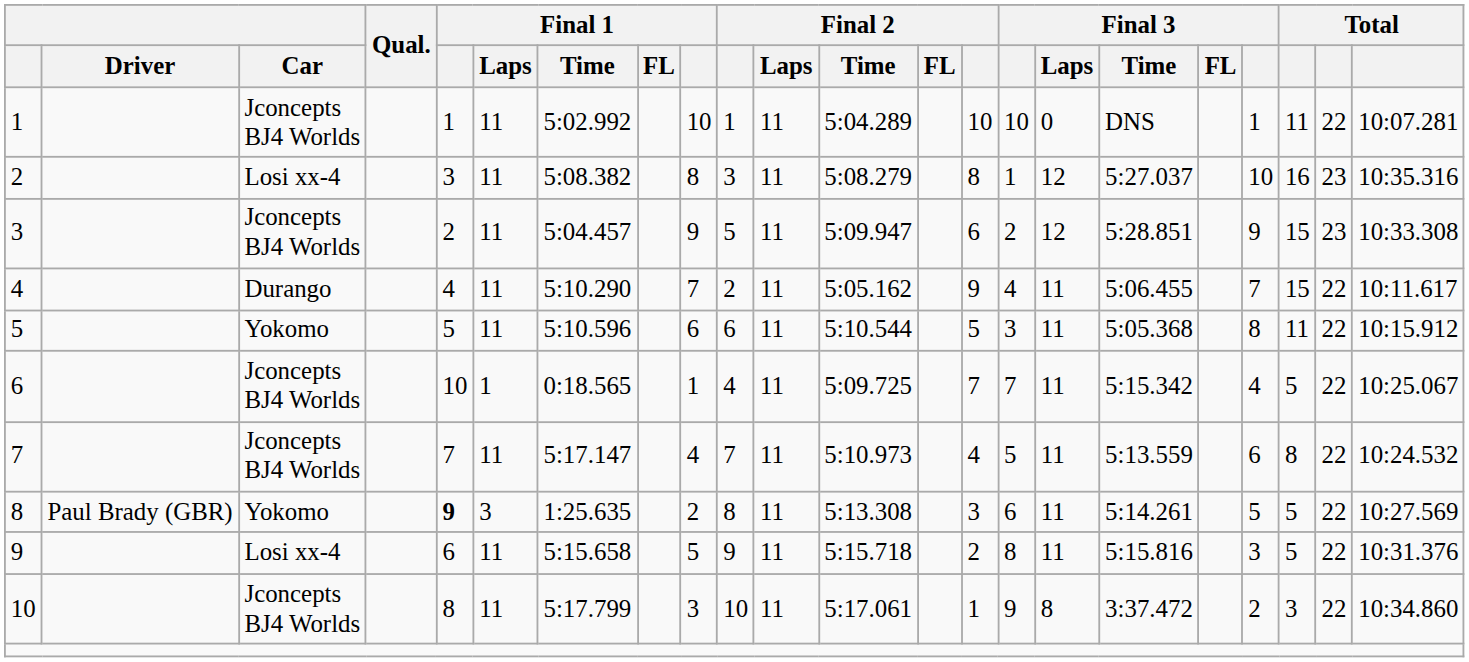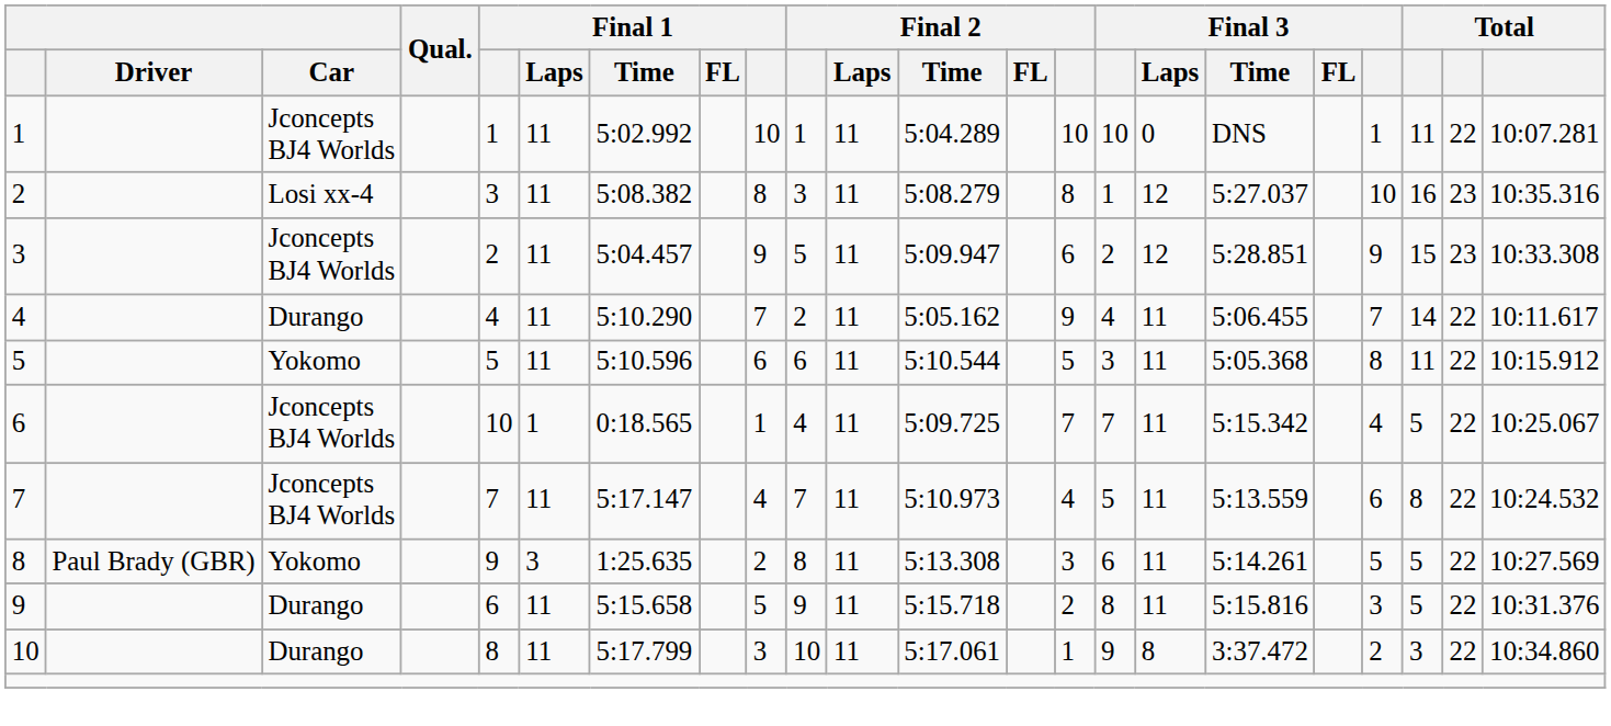 <table class="wikitable" style="font-size:85%;">
 <tr>
 <th colspan="3"></th>
 <th rowspan="2" style="text-align:center;">Qual.</th>
 <th colspan="5" style="text-align:center;">Final 1</th>
 <th colspan="5" style="text-align:center;">Final 2</th>
 <th colspan="5" style="text-align:center;">Final 3</th>
 <th colspan="3">Total</th>
 </tr>
 <tr>
 <th style="text-align:center;"></th>
 <th style="text-align:center;">Driver</th>
 <th style="text-align:center;">Car</th>
 <th style="text-align:center;"></th>
 <th style="text-align:center;">Laps</th>
 <th style="text-align:center;">Time</th>
 <th style="text-align:center;">FL</th>
 <th style="text-align:center;"></th>
 <th style="text-align:center;"></th>
 <th style="text-align:center;">Laps</th>
 <th style="text-align:center;">Time</th>
 <th style="text-align:center;">FL</th>
 <th style="text-align:center;"></th>
 <th style="text-align:center;"></th>
 <th style="text-align:center;">Laps</th>
 <th style="text-align:center;">Time</th>
 <th style="text-align:center;">FL</th>
 <th style="text-align:center;"></th>
 <th style="text-align:center;"></th>
 <th style="text-align:center;"></th>
 <th style="text-align:center;"></th>
 </tr>
 <tr>
 <td>1</td>
 <td></td>
 <td>Jconcepts<br> BJ4 Worlds</td>
 <td></td>
 <td>1</td>
 <td>11</td>
 <td>5:02.992</td>
 <td></td>
 <td>10</td>
 <td>1</td>
 <td>11</td>
 <td>5:04.289</td>
 <td></td>
 <td>10</td>
 <td>10</td>
 <td>0</td>
 <td>DNS</td>
 <td></td>
 <td>1</td>
 <td>11</td>
 <td>22</td>
 <td>10:07.281</td>
 </tr>
 <tr>
 <td>2</td>
 <td></td>
 <td>Losi xx-4</td>
 <td></td>
 <td>3</td>
 <td>11</td>
 <td>5:08.382</td>
 <td></td>
 <td>8</td>
 <td>3</td>
 <td>11</td>
 <td>5:08.279</td>
 <td></td>
 <td>8</td>
 <td>1</td>
 <td>12</td>
 <td>5:27.037</td>
 <td></td>
 <td>10</td>
 <td>16</td>
 <td>23</td>
 <td>10:35.316</td>
 </tr>
 <tr>
 <td>3</td>
 <td></td>
 <td>Jconcepts<br> BJ4 Worlds</td>
 <td></td>
 <td>2</td>
 <td>11</td>
 <td>5:04.457</td>
 <td></td>
 <td>9</td>
 <td>5</td>
 <td>11</td>
 <td>5:09.947</td>
 <td></td>
 <td>6</td>
 <td>2</td>
 <td>12</td>
 <td>5:28.851</td>
 <td></td>
 <td>9</td>
 <td>15</td>
 <td>23</td>
 <td>10:33.308</td>
 </tr>
 <tr>
 <td>4</td>
 <td></td>
 <td>Durango</td>
 <td></td>
 <td>4</td>
 <td>11</td>
 <td>5:10.290</td>
 <td></td>
 <td>7</td>
 <td>2</td>
 <td>11</td>
 <td>5:05.162</td>
 <td></td>
 <td>9</td>
 <td>4</td>
 <td>11</td>
 <td>5:06.455</td>
 <td></td>
 <td>7</td>
-<td>15</td>
+<td>14</td>
 <td>22</td>
 <td>10:11.617</td>
 </tr>
 <tr>
 <td>5</td>
 <td></td>
 <td>Yokomo</td>
 <td></td>
 <td>5</td>
 <td>11</td>
 <td>5:10.596</td>
 <td></td>
 <td>6</td>
 <td>6</td>
 <td>11</td>
 <td>5:10.544</td>
 <td></td>
 <td>5</td>
 <td>3</td>
 <td>11</td>
 <td>5:05.368</td>
 <td></td>
 <td>8</td>
 <td>11</td>
 <td>22</td>
 <td>10:15.912</td>
 </tr>
 <tr>
 <td>6</td>
 <td></td>
 <td>Jconcepts<br> BJ4 Worlds</td>
 <td></td>
 <td>10</td>
 <td>1</td>
 <td>0:18.565</td>
 <td></td>
 <td>1</td>
 <td>4</td>
 <td>11</td>
 <td>5:09.725</td>
 <td></td>
 <td>7</td>
 <td>7</td>
 <td>11</td>
 <td>5:15.342</td>
 <td></td>
 <td>4</td>
 <td>5</td>
 <td>22</td>
 <td>10:25.067</td>
 </tr>
 <tr>
 <td>7</td>
 <td></td>
 <td>Jconcepts<br> BJ4 Worlds</td>
 <td></td>
 <td>7</td>
 <td>11</td>
 <td>5:17.147</td>
 <td></td>
 <td>4</td>
 <td>7</td>
 <td>11</td>
 <td>5:10.973</td>
 <td></td>
 <td>4</td>
 <td>5</td>
 <td>11</td>
 <td>5:13.559</td>
 <td></td>
 <td>6</td>
 <td>8</td>
 <td>22</td>
 <td>10:24.532</td>
 </tr>
 <tr>
 <td>8</td>
 <td>Paul Brady (GBR)</td>
 <td>Yokomo</td>
 <td></td>
-<td><strong>9</strong></td>
+<td>9</td>
 <td>3</td>
 <td>1:25.635</td>
 <td></td>
 <td>2</td>
 <td>8</td>
 <td>11</td>
 <td>5:13.308</td>
 <td></td>
 <td>3</td>
 <td>6</td>
 <td>11</td>
 <td>5:14.261</td>
 <td></td>
 <td>5</td>
 <td>5</td>
 <td>22</td>
 <td>10:27.569</td>
 </tr>
 <tr>
 <td>9</td>
 <td></td>
-<td>Losi xx-4</td>
+<td>Durango</td>
 <td></td>
 <td>6</td>
 <td>11</td>
 <td>5:15.658</td>
 <td></td>
 <td>5</td>
 <td>9</td>
 <td>11</td>
 <td>5:15.718</td>
 <td></td>
 <td>2</td>
 <td>8</td>
 <td>11</td>
 <td>5:15.816</td>
 <td></td>
 <td>3</td>
 <td>5</td>
 <td>22</td>
 <td>10:31.376</td>
 </tr>
 <tr>
 <td>10</td>
 <td></td>
-<td>Jconcepts<br> BJ4 Worlds</td>
+<td>Durango</td>
 <td></td>
 <td>8</td>
 <td>11</td>
 <td>5:17.799</td>
 <td></td>
 <td>3</td>
 <td>10</td>
 <td>11</td>
 <td>5:17.061</td>
 <td></td>
 <td>1</td>
 <td>9</td>
 <td>8</td>
 <td>3:37.472</td>
 <td></td>
 <td>2</td>
 <td>3</td>
 <td>22</td>
 <td>10:34.860</td>
 </tr>
 <tr>
 <td colspan="22"></td>
 </tr>
 </table>
